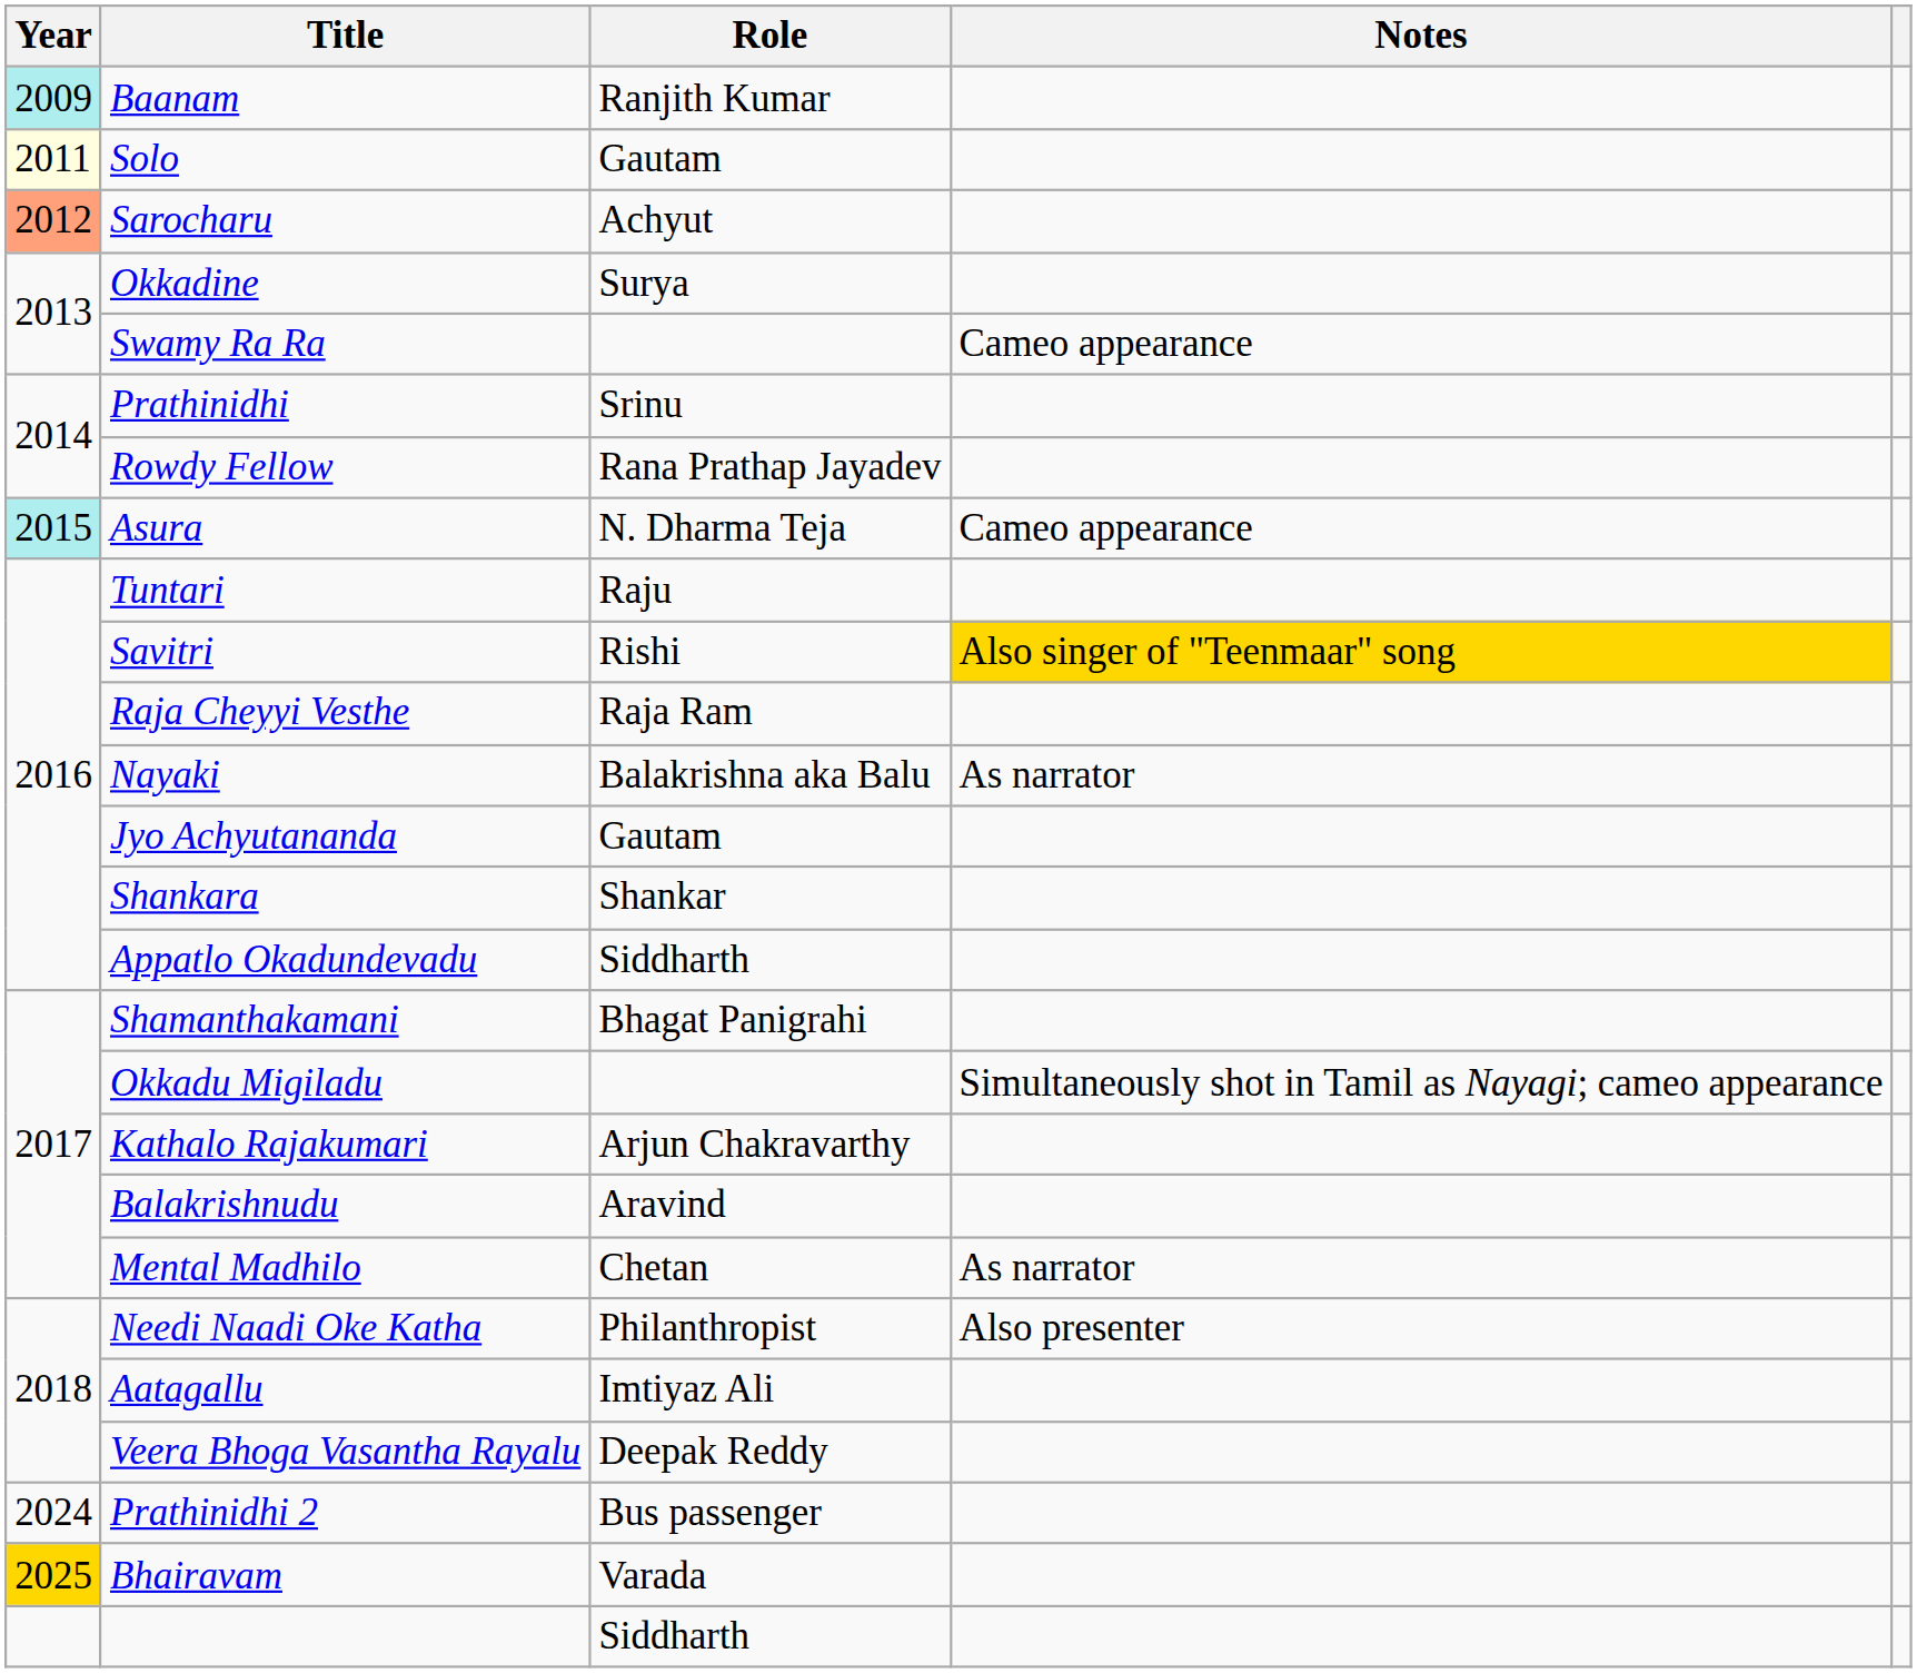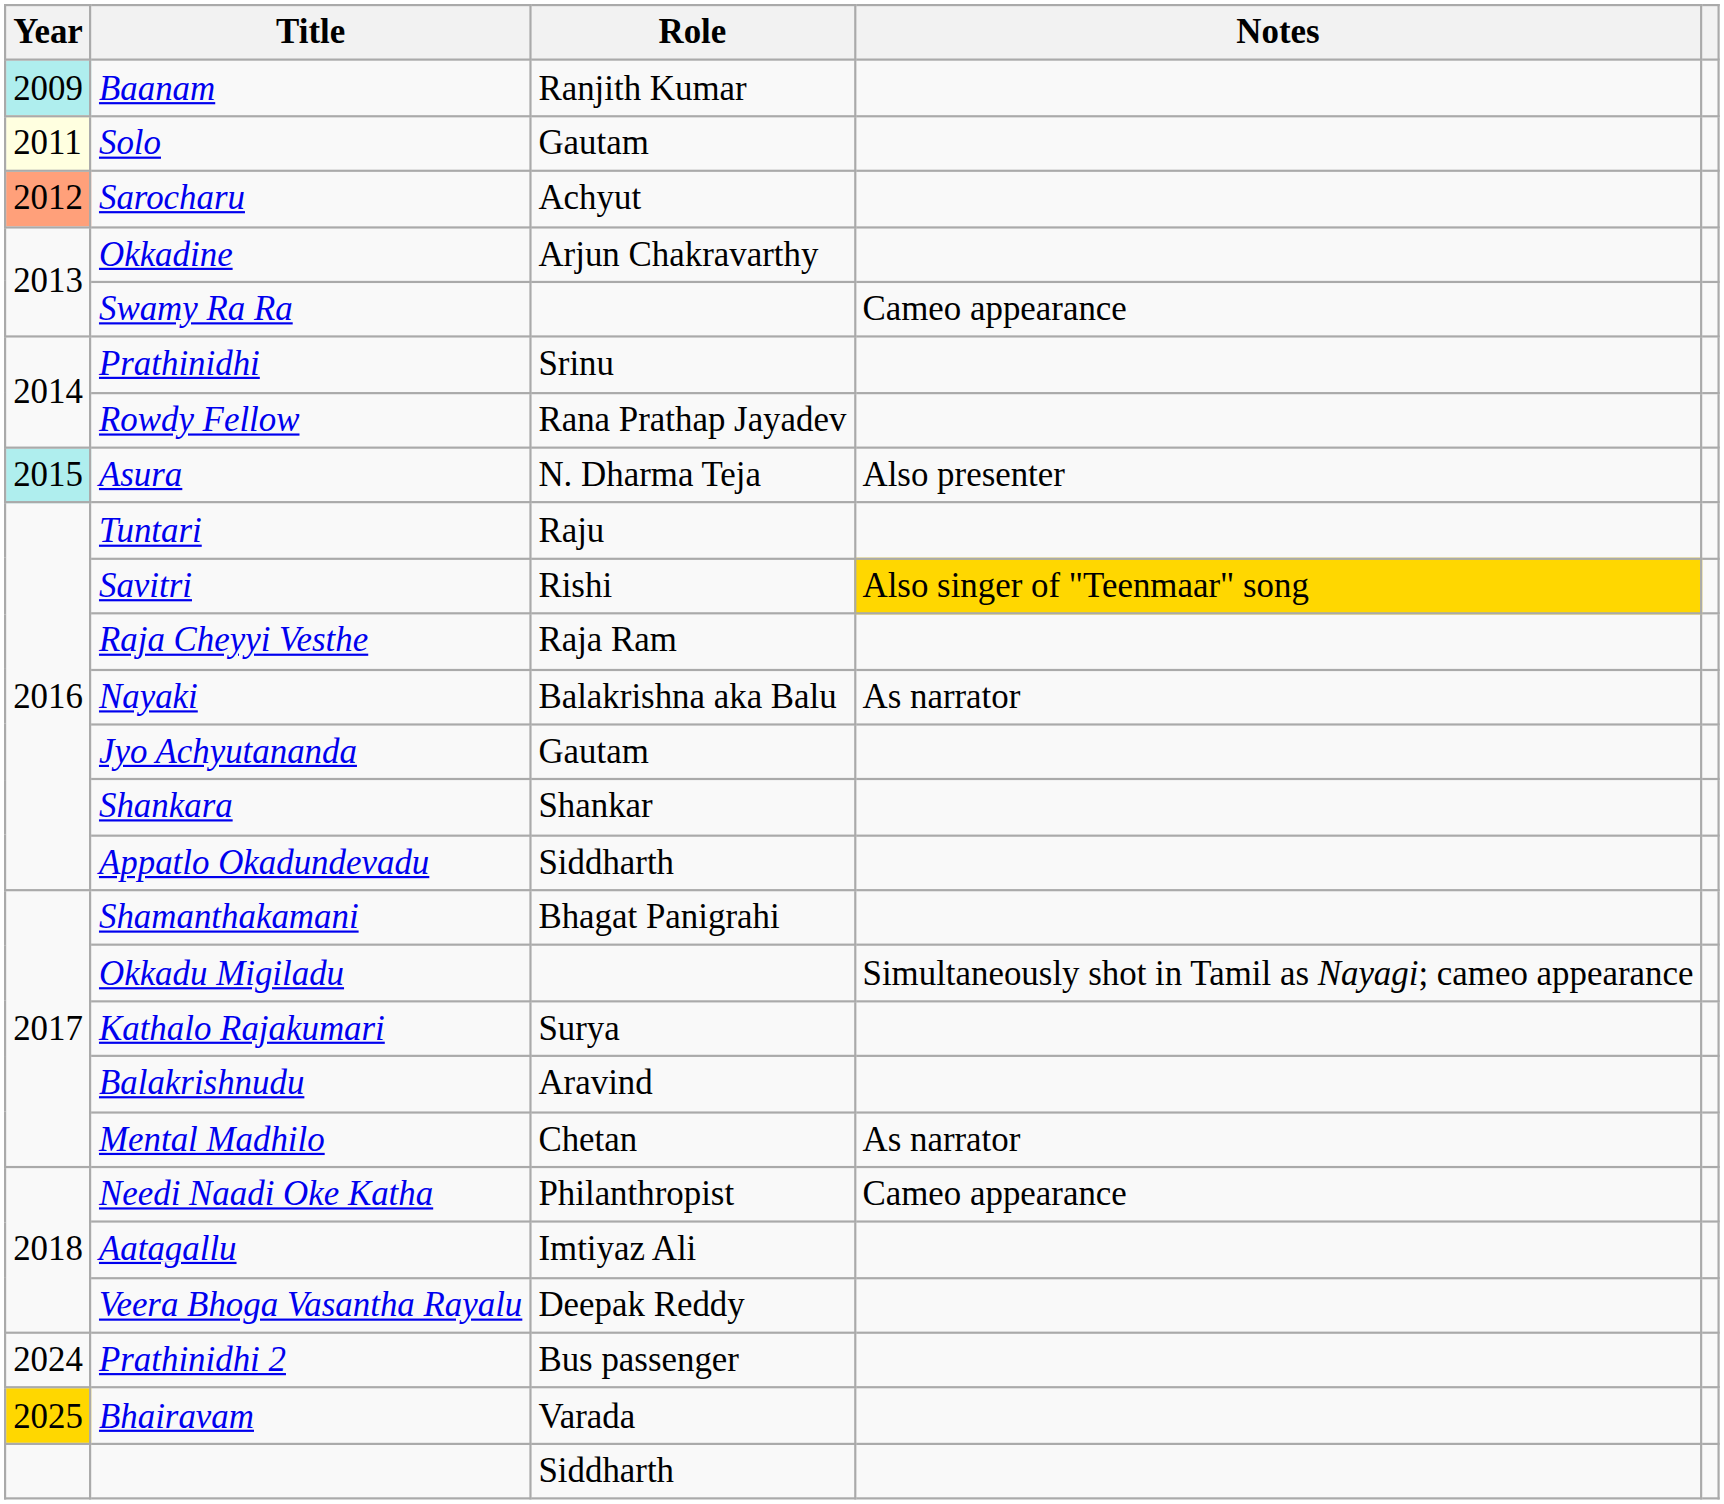 <table class="wikitable sortable">
 <tr>
 <th>Year</th>
 <th>Title</th>
 <th>Role</th>
 <th class="unsortable">Notes</th>
 <th class="unsortable"></th>
 </tr>
 <tr>
 <td style="background: paleturquoise;">2009</td>
 <td><em><a href='#'>Baanam</a></em></td>
 <td>Ranjith Kumar</td>
 <td></td>
 <td></td>
 </tr>
 <tr>
 <td style="background: lightyellow;">2011</td>
 <td><em><a href='#'>Solo</a></em></td>
 <td>Gautam</td>
 <td></td>
 <td></td>
 </tr>
 <tr>
 <td style="background: lightsalmon;">2012</td>
 <td><em><a href='#'>Sarocharu</a></em></td>
 <td>Achyut</td>
 <td></td>
 <td></td>
 </tr>
 <tr>
 <td rowspan="2">2013</td>
 <td><em><a href='#'>Okkadine</a></em></td>
-<td>Surya</td>
+<td>Arjun Chakravarthy</td>
 <td></td>
 <td></td>
 </tr>
 <tr>
 <td><em><a href='#'>Swamy Ra Ra</a></em></td>
 <td></td>
 <td>Cameo appearance</td>
 <td></td>
 </tr>
 <tr>
 <td rowspan="2">2014</td>
 <td><em><a href='#'>Prathinidhi</a></em></td>
 <td>Srinu</td>
 <td></td>
 <td></td>
 </tr>
 <tr>
 <td><em><a href='#'>Rowdy Fellow</a></em></td>
 <td>Rana Prathap Jayadev</td>
 <td></td>
 <td></td>
 </tr>
 <tr>
 <td style="background: paleturquoise;">2015</td>
 <td><em><a href='#'>Asura</a> </em></td>
 <td>N. Dharma Teja</td>
-<td>Cameo appearance</td>
+<td>Also presenter</td>
 <td></td>
 </tr>
 <tr>
 <td rowspan="7">2016</td>
 <td><em><a href='#'>Tuntari</a></em></td>
 <td>Raju</td>
 <td></td>
 <td></td>
 </tr>
 <tr>
 <td><em><a href='#'>Savitri</a></em></td>
 <td>Rishi</td>
 <td style="background: gold;">Also singer of "Teenmaar" song</td>
 <td></td>
 </tr>
 <tr>
 <td><em><a href='#'>Raja Cheyyi Vesthe</a></em></td>
 <td>Raja Ram</td>
 <td></td>
 <td></td>
 </tr>
 <tr>
 <td><em><a href='#'>Nayaki</a></em></td>
 <td>Balakrishna aka Balu</td>
 <td>As narrator</td>
 <td></td>
 </tr>
 <tr>
 <td><em><a href='#'>Jyo Achyutananda</a></em></td>
 <td>Gautam</td>
 <td></td>
 <td></td>
 </tr>
 <tr>
 <td><em><a href='#'>Shankara</a></em></td>
 <td>Shankar</td>
 <td></td>
 <td></td>
 </tr>
 <tr>
 <td><em><a href='#'>Appatlo Okadundevadu</a></em></td>
 <td>Siddharth</td>
 <td></td>
 <td></td>
 </tr>
 <tr>
 <td rowspan="5">2017</td>
 <td><em><a href='#'>Shamanthakamani</a></em></td>
 <td>Bhagat Panigrahi</td>
 <td></td>
 <td></td>
 </tr>
 <tr>
 <td><em><a href='#'>Okkadu Migiladu</a></em></td>
 <td></td>
 <td>Simultaneously shot in Tamil as <em>Nayagi</em>; cameo appearance</td>
 <td></td>
 </tr>
 <tr>
 <td><em><a href='#'>Kathalo Rajakumari</a></em></td>
-<td>Arjun Chakravarthy</td>
+<td>Surya</td>
 <td></td>
 <td></td>
 </tr>
 <tr>
 <td><em><a href='#'>Balakrishnudu</a></em></td>
 <td>Aravind</td>
 <td></td>
 <td></td>
 </tr>
 <tr>
 <td><em><a href='#'>Mental Madhilo</a></em></td>
 <td>Chetan</td>
 <td>As narrator</td>
 <td></td>
 </tr>
 <tr>
 <td rowspan="3">2018</td>
 <td><em><a href='#'>Needi Naadi Oke Katha</a></em></td>
 <td>Philanthropist</td>
-<td>Also presenter</td>
+<td>Cameo appearance</td>
 <td></td>
 </tr>
 <tr>
 <td><em><a href='#'>Aatagallu</a></em></td>
 <td>Imtiyaz Ali</td>
 <td></td>
 <td></td>
 </tr>
 <tr>
 <td><em><a href='#'>Veera Bhoga Vasantha Rayalu</a></em></td>
 <td>Deepak Reddy</td>
 <td></td>
 <td></td>
 </tr>
 <tr>
 <td>2024</td>
 <td><em><a href='#'>Prathinidhi 2</a></em></td>
 <td>Bus passenger</td>
 <td></td>
 <td></td>
 </tr>
 <tr>
 <td style="background: gold;">2025</td>
 <td><em><a href='#'>Bhairavam</a></em></td>
 <td>Varada</td>
 <td></td>
 <td></td>
 </tr>
 <tr>
 <td></td>
 <td></td>
 <td>Siddharth</td>
 <td></td>
 <td></td>
 </tr>
 </table>
